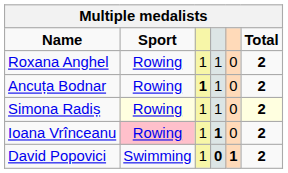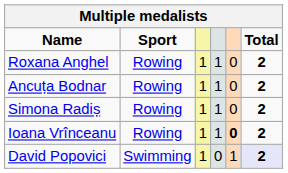 <table class=wikitable style="font-size:85%; text-align:center; float:left;">
 <tr style="background:#efefef;">
 <th colspan=7>Multiple medalists</th>
 </tr>
 <tr align=center>
 <td><strong>Name</strong></td>
 <td><strong>Sport</strong></td>
 <td bgcolor=#F7F6A8></td>
 <td bgcolor=#DCE5E5></td>
 <td bgcolor=#FFDAB9></td>
 <td><strong>Total</strong></td>
 </tr>
 <tr align=center>
 <td align=left><a href='#'>Roxana Anghel</a></td>
 <td><a href='#'>Rowing</a></td>
 <td style="background:#F7F6A8;">1</td>
 <td style="background:#DCE5E5;">1</td>
 <td style="background:#FFDAB9;">0</td>
 <td><strong>2</strong></td>
 </tr>
 <tr align=center>
 <td align=left><a href='#'>Ancuța Bodnar</a></td>
 <td><a href='#'>Rowing</a></td>
-<td style="background:#F7F6A8;"><strong>1</strong></td>
+<td style="background:#F7F6A8;">1</td>
 <td style="background:#DCE5E5;">1</td>
 <td style="background:#FFDAB9;">0</td>
 <td><strong>2</strong></td>
 </tr>
 <tr align=center>
 <td align=left><a href='#'>Simona Radiș</a></td>
-<td style="background: lightyellow;"><a href='#'>Rowing</a></td>
+<td><a href='#'>Rowing</a></td>
 <td style="background:#F7F6A8;">1</td>
 <td style="background:#DCE5E5;">1</td>
 <td style="background:#FFDAB9;">0</td>
-<td style="background: lightyellow;"><strong>2</strong></td>
+<td><strong>2</strong></td>
 </tr>
 <tr align=center>
 <td align=left><a href='#'>Ioana Vrînceanu</a></td>
-<td style="background: pink;"><a href='#'>Rowing</a></td>
+<td><a href='#'>Rowing</a></td>
 <td style="background:#F7F6A8;">1</td>
-<td style="background:#DCE5E5;"><strong>1</strong></td>
-<td style="background:#FFDAB9;">0</td>
+<td style="background:#DCE5E5;">1</td>
+<td style="background:#FFDAB9;"><strong>0</strong></td>
 <td><strong>2</strong></td>
 </tr>
 <tr align=center>
 <td align=left><a href='#'>David Popovici</a></td>
 <td><a href='#'>Swimming</a></td>
 <td style="background:#F7F6A8;">1</td>
-<td style="background:#DCE5E5;"><strong>0</strong></td>
-<td style="background:#FFDAB9;"><strong>1</strong></td>
-<td><strong>2</strong></td>
+<td style="background:#DCE5E5;">0</td>
+<td style="background:#FFDAB9;">1</td>
+<td style="background: lavender;"><strong>2</strong></td>
 </tr>
 </table>
